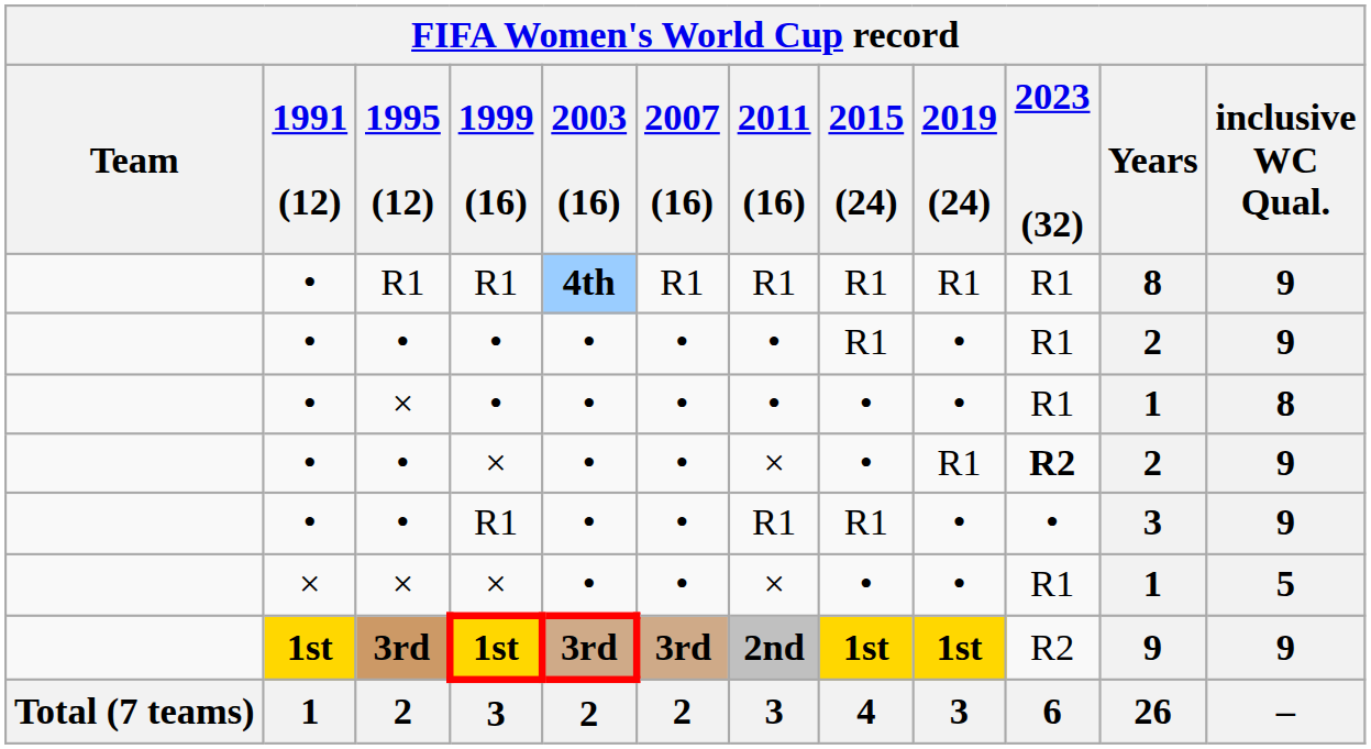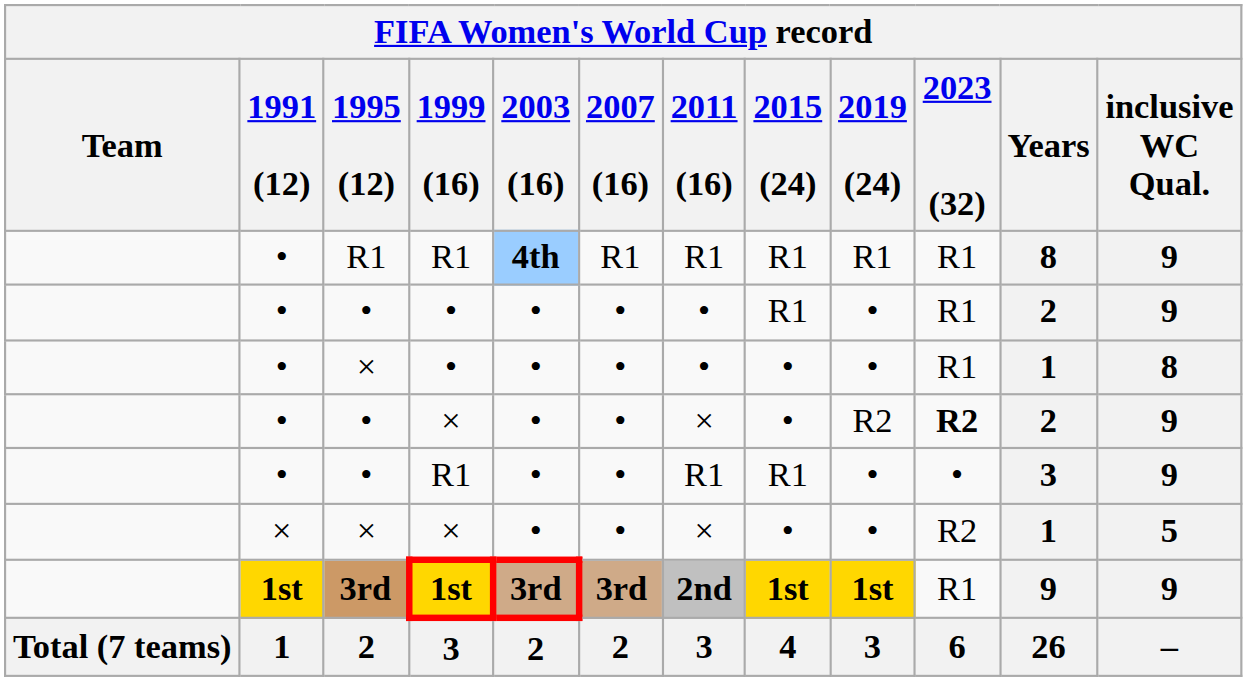 <table class="wikitable" style="text-align:center">
 <tr>
 <th colspan=12><a href='#'>FIFA Women's World Cup</a> record</th>
 </tr>
 <tr>
 <th>Team</th>
 <th><a href='#'>1991</a><br><br>(12)</th>
 <th><a href='#'>1995</a><br><br>(12)</th>
 <th><a href='#'>1999</a><br><br>(16)</th>
 <th><a href='#'>2003</a><br><br>(16)</th>
 <th><a href='#'>2007</a><br><br>(16)</th>
 <th><a href='#'>2011</a><br><br>(16)</th>
 <th><a href='#'>2015</a><br><br>(24)</th>
 <th><a href='#'>2019</a><br><br>(24)</th>
 <th><a href='#'>2023</a><br><br><br>(32)</th>
 <th>Years</th>
 <th>inclusive <br> WC <br> Qual.</th>
 </tr>
 <tr>
 <td align="left"></td>
 <td>•</td>
 <td>R1</td>
 <td>R1</td>
 <td style="background:#9acdff;"><strong>4th</strong></td>
 <td>R1</td>
 <td>R1</td>
 <td>R1</td>
 <td>R1</td>
 <td>R1</td>
 <th>8</th>
 <th>9</th>
 </tr>
 <tr>
 <td align="left"></td>
 <td>•</td>
 <td>•</td>
 <td>•</td>
 <td>•</td>
 <td>•</td>
 <td>•</td>
 <td>R1</td>
 <td>•</td>
 <td>R1</td>
 <th>2</th>
 <th>9</th>
 </tr>
 <tr>
 <td align="left"></td>
 <td>•</td>
 <td>×</td>
 <td>•</td>
 <td>•</td>
 <td>•</td>
 <td>•</td>
 <td>•</td>
 <td>•</td>
 <td>R1</td>
 <th>1</th>
 <th>8</th>
 </tr>
 <tr>
 <td align="left"></td>
 <td>•</td>
 <td>•</td>
 <td>×</td>
 <td>•</td>
 <td>•</td>
 <td>×</td>
 <td>•</td>
-<td>R1</td>
+<td>R2</td>
 <td><strong>R2</strong></td>
 <th>2</th>
 <th>9</th>
 </tr>
 <tr>
 <td align="left"></td>
 <td>•</td>
 <td>•</td>
 <td>R1</td>
 <td>•</td>
 <td>•</td>
 <td>R1</td>
 <td>R1</td>
 <td>•</td>
 <td>•</td>
 <th>3</th>
 <th>9</th>
 </tr>
 <tr>
 <td align="left"></td>
 <td>×</td>
 <td>×</td>
 <td>×</td>
 <td>•</td>
 <td>•</td>
 <td>×</td>
 <td>•</td>
 <td>•</td>
-<td>R1</td>
+<td>R2</td>
 <th>1</th>
 <th>5</th>
 </tr>
 <tr>
 <td align=left></td>
 <td style="background:gold;"><strong>1st</strong></td>
 <td style="background:#c96;"><strong>3rd</strong></td>
 <td style="border:3px solid red; background:gold;"><strong>1st</strong></td>
 <td style="border:3px solid red; background:#cfaa88;"><strong>3rd</strong></td>
 <td style="background:#cfaa88;"><strong>3rd</strong></td>
 <td style="background:silver;"><strong>2nd</strong></td>
 <td style="background:gold;"><strong>1st</strong></td>
 <td style="background:gold;"><strong>1st</strong></td>
-<td>R2</td>
+<td>R1</td>
 <th>9</th>
 <th>9</th>
 </tr>
 <tr>
 <th>Total (7 teams)</th>
 <th>1</th>
 <th>2</th>
 <th>3</th>
 <th>2</th>
 <th>2</th>
 <th>3</th>
 <th>4</th>
 <th>3</th>
 <th>6</th>
 <th>26</th>
 <th>–</th>
 </tr>
 </table>
